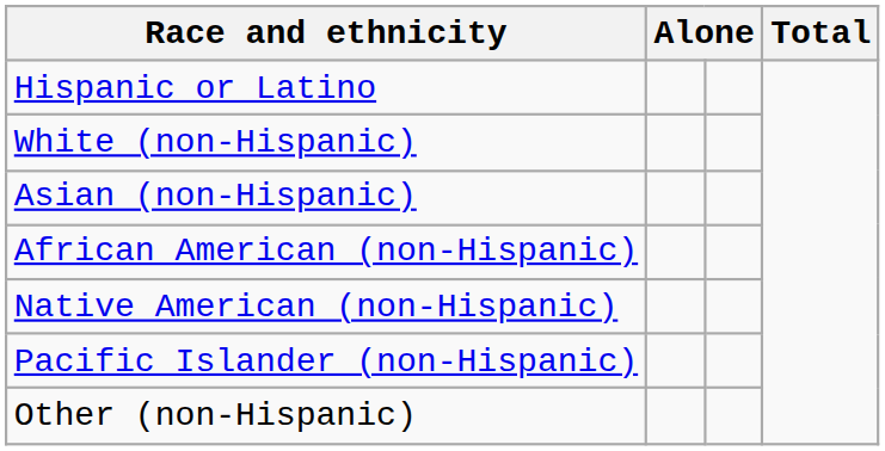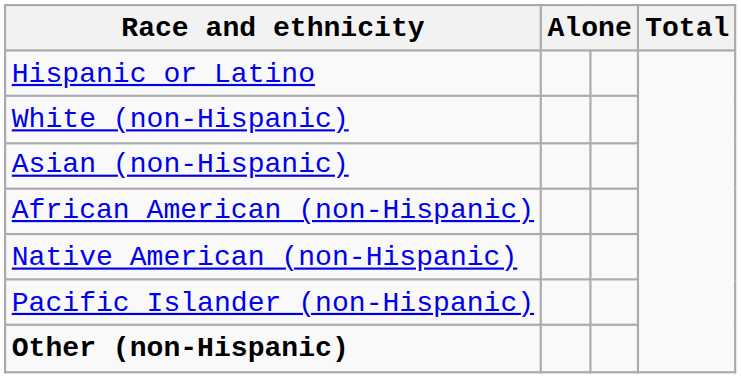 <table class="wikitable sortable collapsible"; text-align:right; font-size:80%;">
 <tr>
 <th>Race and ethnicity</th>
 <th colspan="2" data-sort-type=number>Alone</th>
 <th colspan="2" data-sort-type=number>Total</th>
 </tr>
 <tr>
 <td><a href='#'>Hispanic or Latino</a></td>
 <td align=right></td>
 <td align=right></td>
 </tr>
 <tr>
 <td><a href='#'>White (non-Hispanic)</a></td>
 <td align=right></td>
 <td align=right></td>
 </tr>
 <tr>
 <td><a href='#'>Asian (non-Hispanic)</a></td>
 <td align=right></td>
 <td align=right></td>
 </tr>
 <tr>
 <td><a href='#'>African American (non-Hispanic)</a></td>
 <td align=right></td>
 <td align=right></td>
 </tr>
 <tr>
 <td><a href='#'>Native American (non-Hispanic)</a></td>
 <td align=right></td>
 <td align=right></td>
 </tr>
 <tr>
 <td><a href='#'>Pacific Islander (non-Hispanic)</a></td>
 <td align=right></td>
 <td align=right></td>
 </tr>
 <tr>
-<td>Other (non-Hispanic)</td>
+<td><strong>Other (non-Hispanic)</strong></td>
 <td align=right></td>
 <td align=right></td>
 </tr>
 </table>
